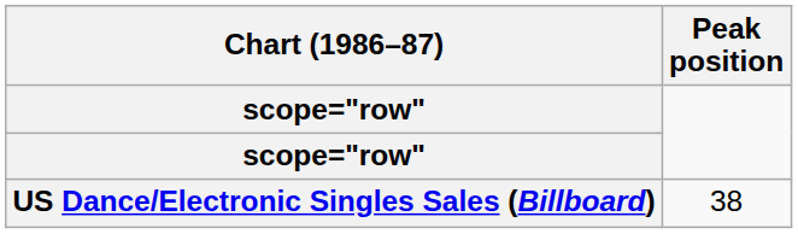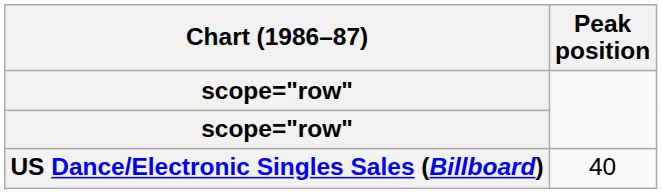 <table class="wikitable sortable plainrowheaders">
 <tr>
 <th align="left">Chart (1986–87)</th>
 <th style="text-align:center;">Peak<br>position</th>
 </tr>
 <tr>
 <th>scope="row" </th>
 </tr>
 <tr>
 <th>scope="row" </th>
 </tr>
 <tr>
 <th scope="row">US <a href='#'>Dance/Electronic Singles Sales</a> (<a href='#'><em>Billboard</em></a>)</th>
-<td style="text-align:center;">38</td>
+<td style="text-align:center;">40</td>
 </tr>
 </table>
